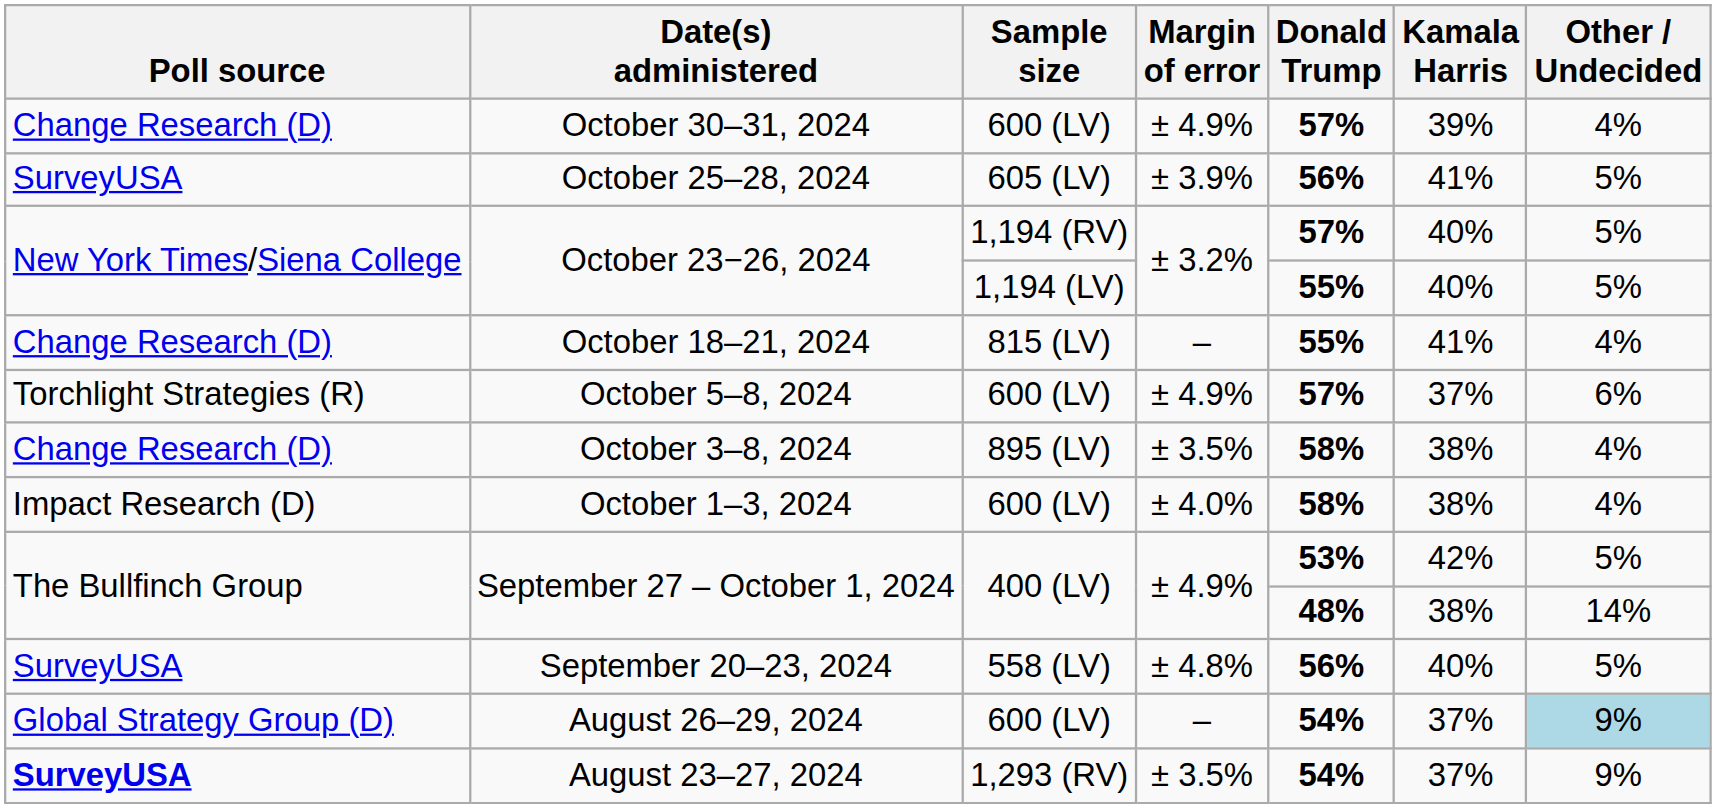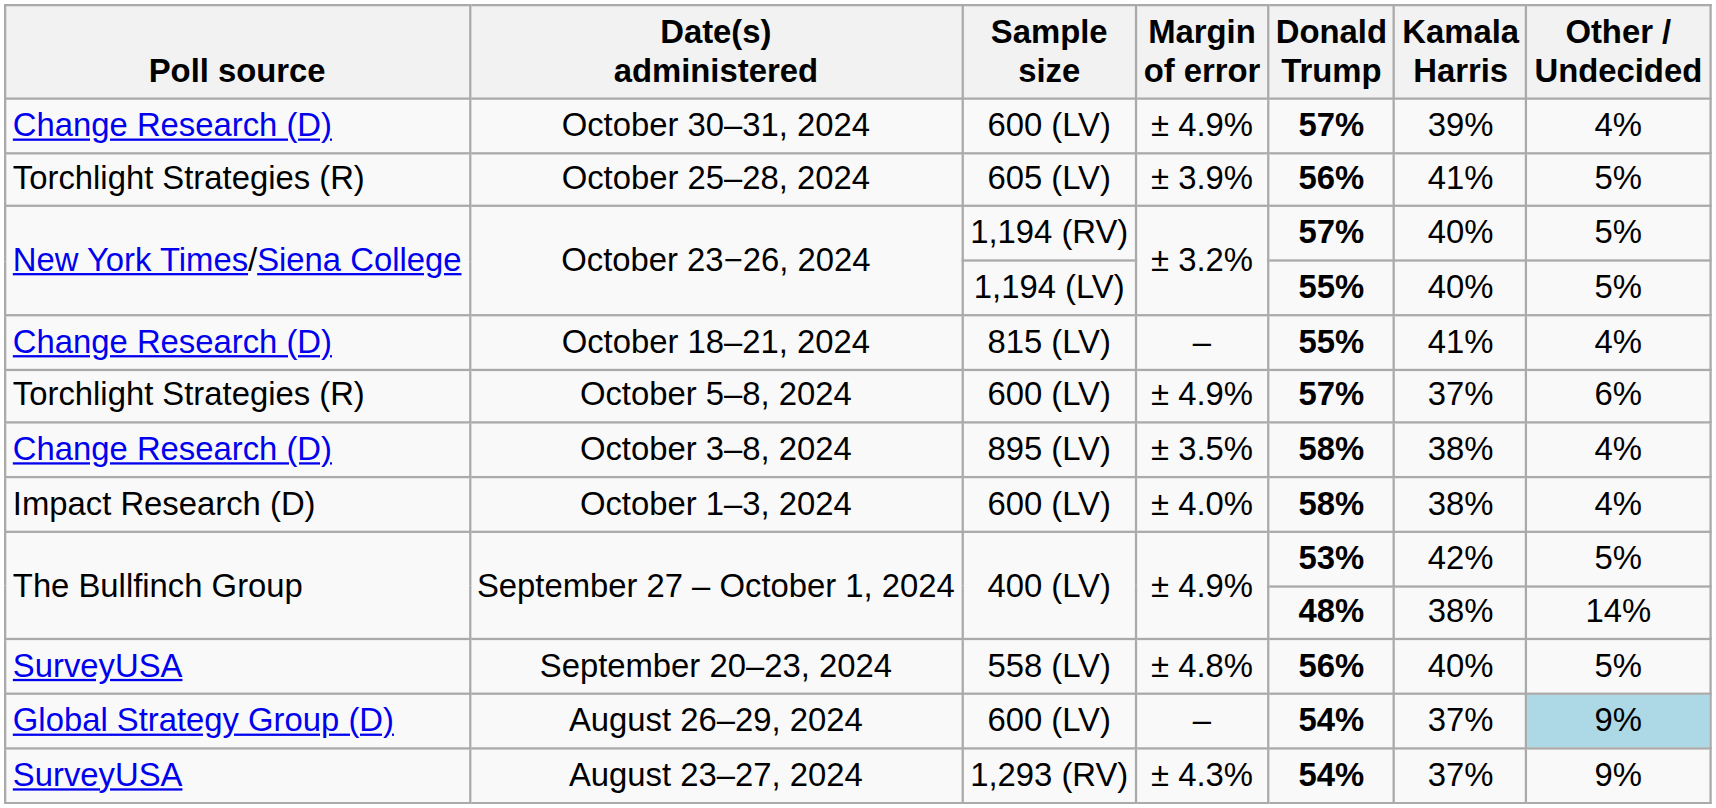 <table class="wikitable sortable mw-datatable" style="font-size:90%;text-align:center;line-height:17px">
 <tr valign=bottom>
 <th>Poll source</th>
 <th>Date(s)<br>administered</th>
 <th>Sample<br>size</th>
 <th>Margin<br>of error</th>
 <th class="unsortable">Donald<br>Trump<br></th>
 <th class="unsortable">Kamala<br>Harris<br></th>
 <th class="unsortable">Other /<br>Undecided</th>
 </tr>
 <tr>
 <td style="text-align:left;"><a href='#'>Change Research (D)</a></td>
 <td data-sort-value="2024-10-31">October 30–31, 2024</td>
 <td>600 (LV)</td>
 <td>± 4.9%</td>
 <td style="background-color:"><strong>57%</strong></td>
 <td>39%</td>
 <td>4%</td>
 </tr>
 <tr>
-<td style="text-align:left;"><a href='#'>SurveyUSA</a></td>
+<td style="text-align:left;">Torchlight Strategies (R)</td>
 <td>October 25–28, 2024</td>
 <td>605 (LV)</td>
 <td>± 3.9%</td>
 <td><strong>56%</strong></td>
 <td>41%</td>
 <td>5%</td>
 </tr>
 <tr>
 <td style="text-align:left;" rowspan="2"><a href='#'>New York Times</a>/<a href='#'>Siena College</a></td>
 <td rowspan="2">October 23−26, 2024</td>
 <td>1,194 (RV)</td>
 <td rowspan="2">± 3.2%</td>
 <td style="background-color:"><strong>57%</strong></td>
 <td>40%</td>
 <td>5%</td>
 </tr>
 <tr>
 <td>1,194 (LV)</td>
 <td style="background-color:"><strong>55%</strong></td>
 <td>40%</td>
 <td>5%</td>
 </tr>
 <tr>
 <td style="text-align:left;"><a href='#'>Change Research (D)</a></td>
 <td data-sort-value="2024-10-21">October 18–21, 2024</td>
 <td>815 (LV)</td>
 <td>–</td>
 <td style="background-color:"><strong>55%</strong></td>
 <td>41%</td>
 <td>4%</td>
 </tr>
 <tr>
 <td style="text-align:left;">Torchlight Strategies (R)</td>
 <td data-sort-value="2024-10-08">October 5–8, 2024</td>
 <td>600 (LV)</td>
 <td>± 4.9%</td>
 <td style="background-color:"><strong>57%</strong></td>
 <td>37%</td>
 <td>6%</td>
 </tr>
 <tr>
 <td style="text-align:left;"><a href='#'>Change Research (D)</a></td>
 <td data-sort-value="2024-10-08">October 3–8, 2024</td>
 <td>895 (LV)</td>
 <td>± 3.5%</td>
 <td style="background-color:"><strong>58%</strong></td>
 <td>38%</td>
 <td>4%</td>
 </tr>
 <tr>
 <td style="text-align:left;">Impact Research (D)</td>
 <td data-sort-value="2024-10-03">October 1–3, 2024</td>
 <td>600 (LV)</td>
 <td>± 4.0%</td>
 <td style="background-color:"><strong>58%</strong></td>
 <td>38%</td>
 <td>4%</td>
 </tr>
 <tr>
 <td style="text-align:left;" rowspan="2">The Bullfinch Group</td>
 <td rowspan="2">September 27 – October 1, 2024</td>
 <td rowspan="2">400 (LV)</td>
 <td rowspan="2">± 4.9%</td>
 <td style="background-color:"><strong>53%</strong></td>
 <td>42%</td>
 <td>5%</td>
 </tr>
 <tr>
 <td style="background-color:"><strong>48%</strong></td>
 <td>38%</td>
 <td>14%</td>
 </tr>
 <tr>
 <td style="text-align:left;"><a href='#'>SurveyUSA</a></td>
 <td>September 20–23, 2024</td>
 <td>558 (LV)</td>
 <td>± 4.8%</td>
 <td style="background-color:"><strong>56%</strong></td>
 <td>40%</td>
 <td>5%</td>
 </tr>
 <tr>
 <td style="text-align:left;"><a href='#'>Global Strategy Group (D)</a></td>
 <td>August 26–29, 2024</td>
 <td>600 (LV)</td>
 <td>–</td>
 <td style="background-color:"><strong>54%</strong></td>
 <td>37%</td>
 <td style="background: lightblue;">9%</td>
 </tr>
 <tr>
-<td style="text-align:left;"><strong><a href='#'>SurveyUSA</a></strong></td>
+<td style="text-align:left;"><a href='#'>SurveyUSA</a></td>
 <td>August 23–27, 2024</td>
 <td>1,293 (RV)</td>
-<td>± 3.5%</td>
+<td>± 4.3%</td>
 <td style="background-color:"><strong>54%</strong></td>
 <td>37%</td>
 <td>9%</td>
 </tr>
 </table>
